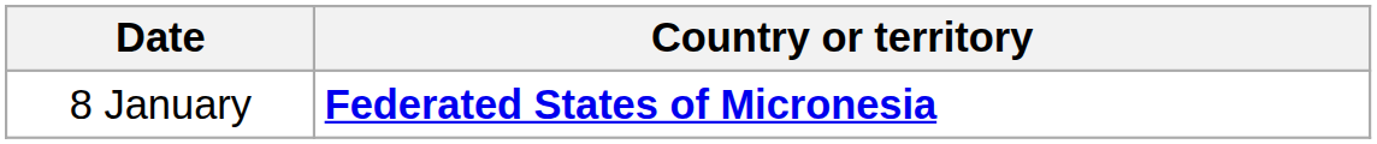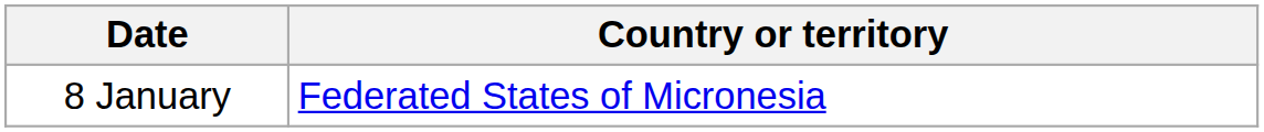 <table class="wikitable sortable">
 <tr>
 <th style="width:7em;">Date</th>
 <th style="width:25em;">Country or territory</th>
 </tr>
 <tr style="background:#fff;">
 <td style="text-align:center;">8 January</td>
-<td><strong> <a href='#'>Federated States of Micronesia</a></strong></td>
+<td> <a href='#'>Federated States of Micronesia</a></td>
 </tr>
 </table>
